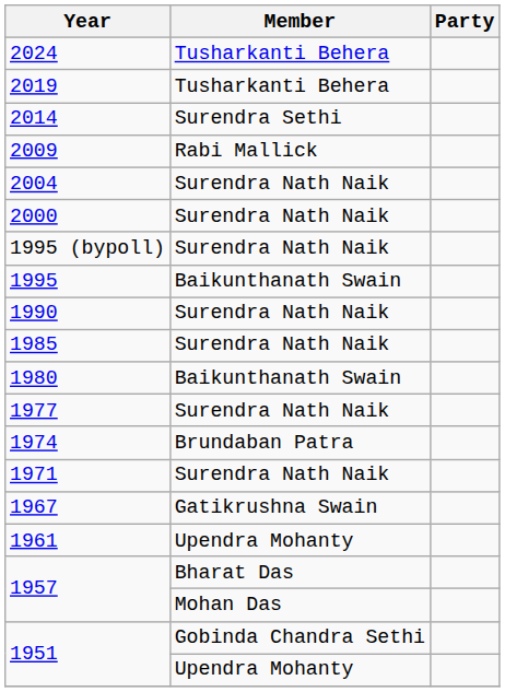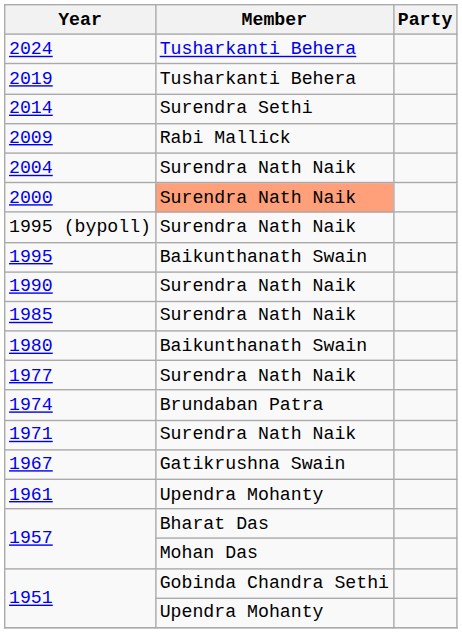 <table class="wikitable sortable">
 <tr>
 <th>Year</th>
 <th>Member</th>
 <th colspan=2>Party</th>
 </tr>
 <tr>
 <td><a href='#'>2024</a></td>
 <td><a href='#'>Tusharkanti Behera</a></td>
 <td></td>
 </tr>
 <tr>
 <td><a href='#'>2019</a></td>
 <td>Tusharkanti Behera</td>
 <td></td>
 </tr>
 <tr>
 <td><a href='#'>2014</a></td>
 <td>Surendra Sethi</td>
 <td></td>
 </tr>
 <tr>
 <td><a href='#'>2009</a></td>
 <td>Rabi Mallick</td>
 <td></td>
 </tr>
 <tr>
 <td><a href='#'>2004</a></td>
 <td>Surendra Nath Naik</td>
 <td></td>
 </tr>
 <tr>
 <td><a href='#'>2000</a></td>
-<td>Surendra Nath Naik</td>
+<td style="background: lightsalmon;">Surendra Nath Naik</td>
 <td></td>
 </tr>
 <tr>
 <td>1995 (bypoll)</td>
 <td>Surendra Nath Naik</td>
 <td></td>
 </tr>
 <tr>
 <td><a href='#'>1995</a></td>
 <td>Baikunthanath Swain</td>
 <td></td>
 </tr>
 <tr>
 <td><a href='#'>1990</a></td>
 <td>Surendra Nath Naik</td>
 <td></td>
 </tr>
 <tr>
 <td><a href='#'>1985</a></td>
 <td>Surendra Nath Naik</td>
 <td></td>
 </tr>
 <tr>
 <td><a href='#'>1980</a></td>
 <td>Baikunthanath Swain</td>
 <td></td>
 </tr>
 <tr>
 <td><a href='#'>1977</a></td>
 <td>Surendra Nath Naik</td>
 <td></td>
 </tr>
 <tr>
 <td><a href='#'>1974</a></td>
 <td>Brundaban Patra</td>
 <td></td>
 </tr>
 <tr>
 <td><a href='#'>1971</a></td>
 <td>Surendra Nath Naik</td>
 <td></td>
 </tr>
 <tr>
 <td><a href='#'>1967</a></td>
 <td>Gatikrushna Swain</td>
 <td></td>
 </tr>
 <tr>
 <td><a href='#'>1961</a></td>
 <td>Upendra Mohanty</td>
 <td></td>
 </tr>
 <tr>
 <td rowspan="2"><a href='#'>1957</a></td>
 <td>Bharat Das</td>
 <td></td>
 </tr>
 <tr>
 <td>Mohan Das</td>
 <td></td>
 </tr>
 <tr>
 <td rowspan="2"><a href='#'>1951</a></td>
 <td>Gobinda Chandra Sethi</td>
 <td></td>
 </tr>
 <tr>
 <td>Upendra Mohanty</td>
 <td></td>
 </tr>
 <tr>
 </tr>
 </table>
